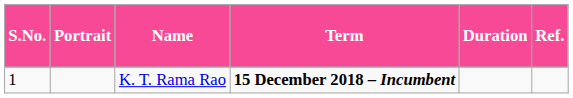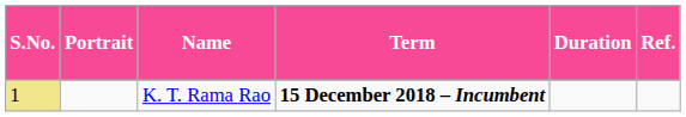 <table class="sortable wikitable">
 <tr>
 <th rowspan ="2" style="background-color:#F84996; color:white">S.No.</th>
 <th rowspan ="2" style="background-color:#F84996; color:white">Portrait</th>
 <th rowspan ="2" style="background-color:#F84996; color:white">Name</th>
 <th rowspan ="2" style="background-color:#F84996; color:white">Term<br></th>
 <th rowspan ="2" style="background-color:#F84996; color:white">Duration</th>
 <th rowspan ="2" style="background-color:#F84996; color:white">Ref.</th>
 </tr>
 <tr style="text-align:center; height:60px;">
 </tr>
 <tr>
-<td>1</td>
+<td style="background: khaki;">1</td>
 <td></td>
 <td><a href='#'>K. T. Rama Rao</a></td>
 <td><strong>15 December 2018 – <em>Incumbent</em></strong></td>
 <td></td>
 <td></td>
 </tr>
 </table>
